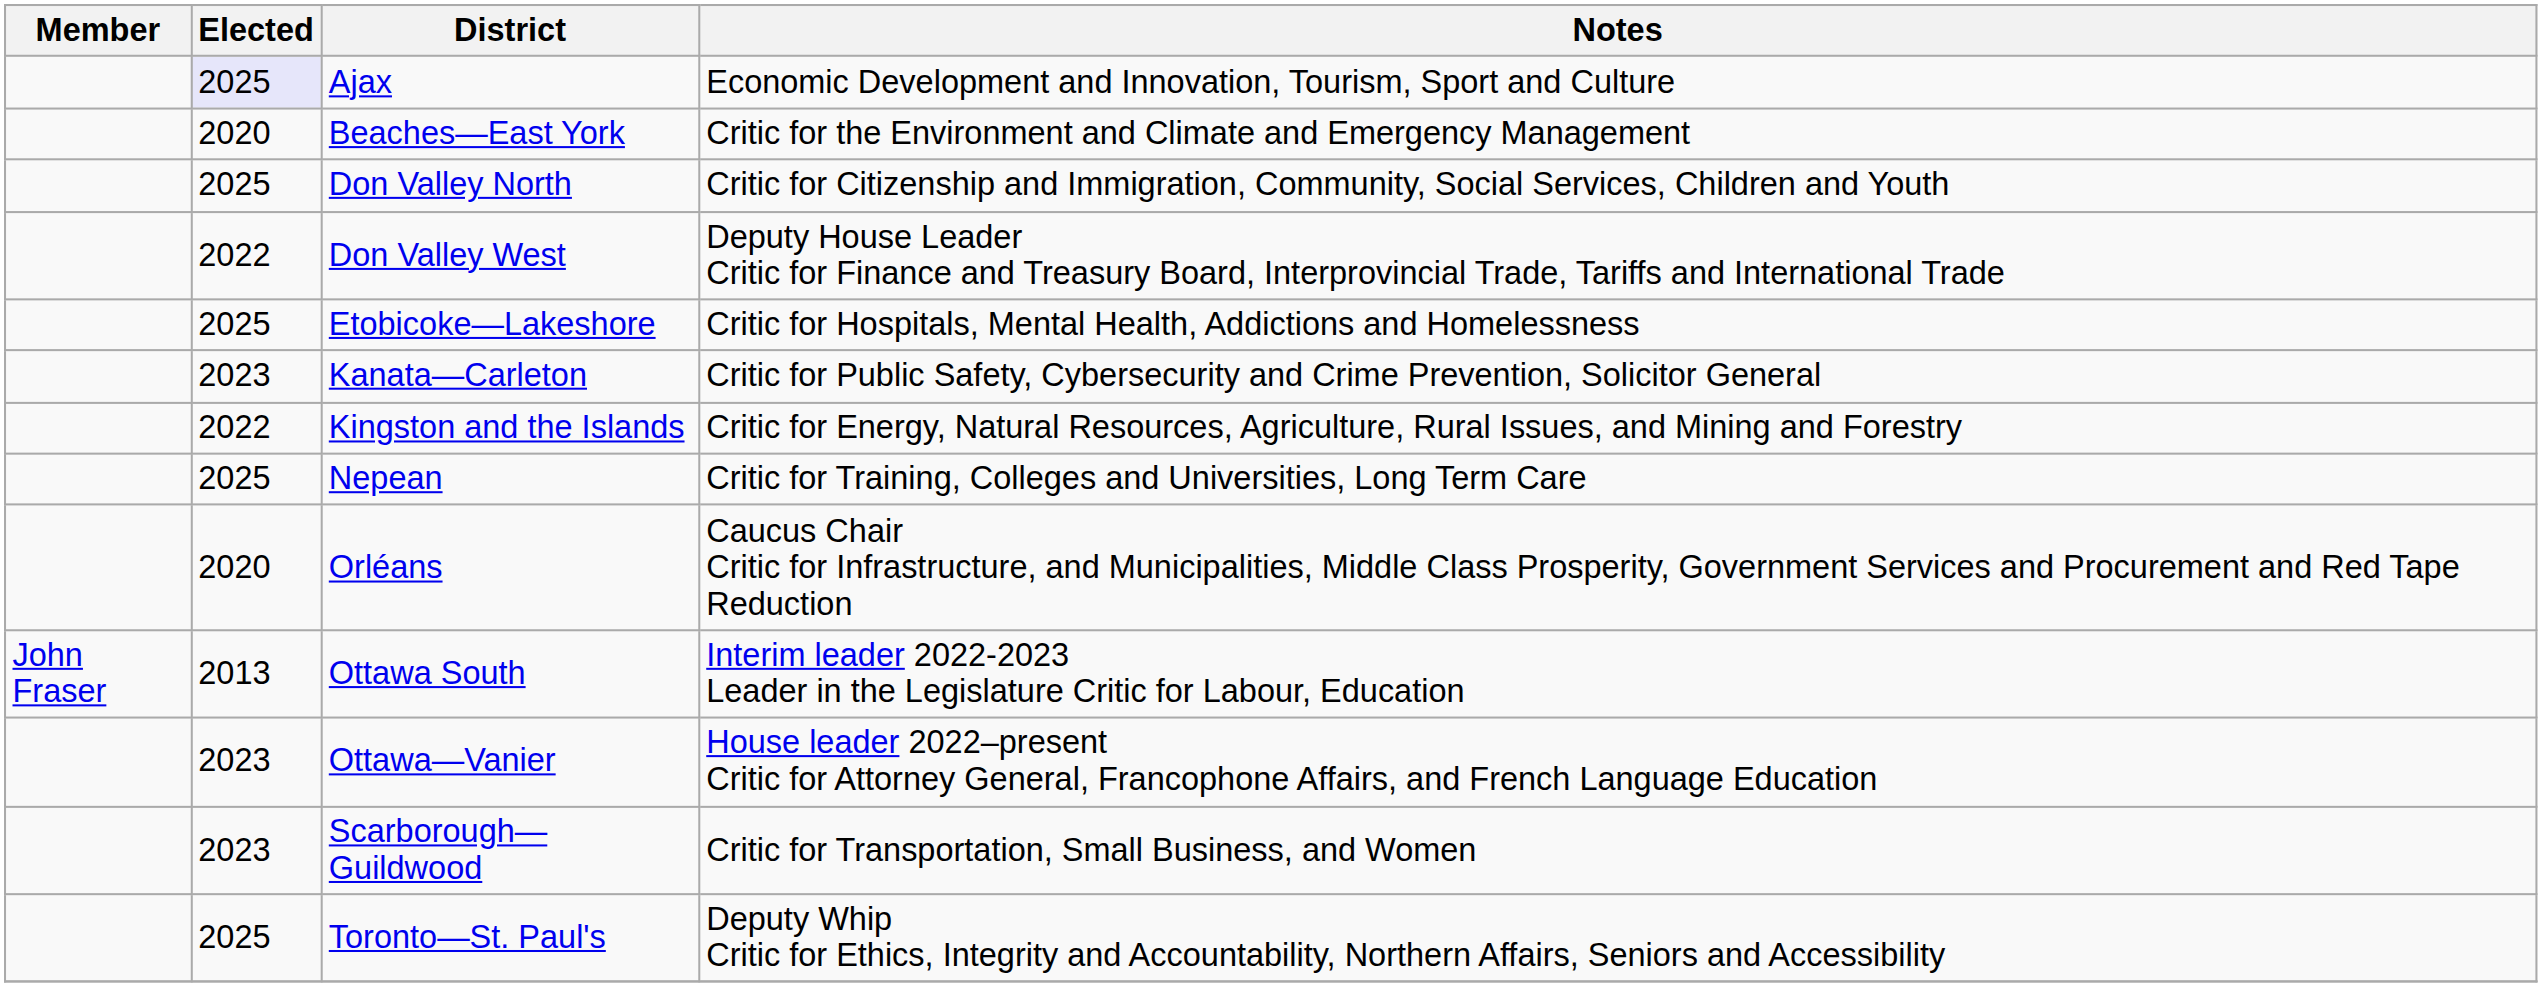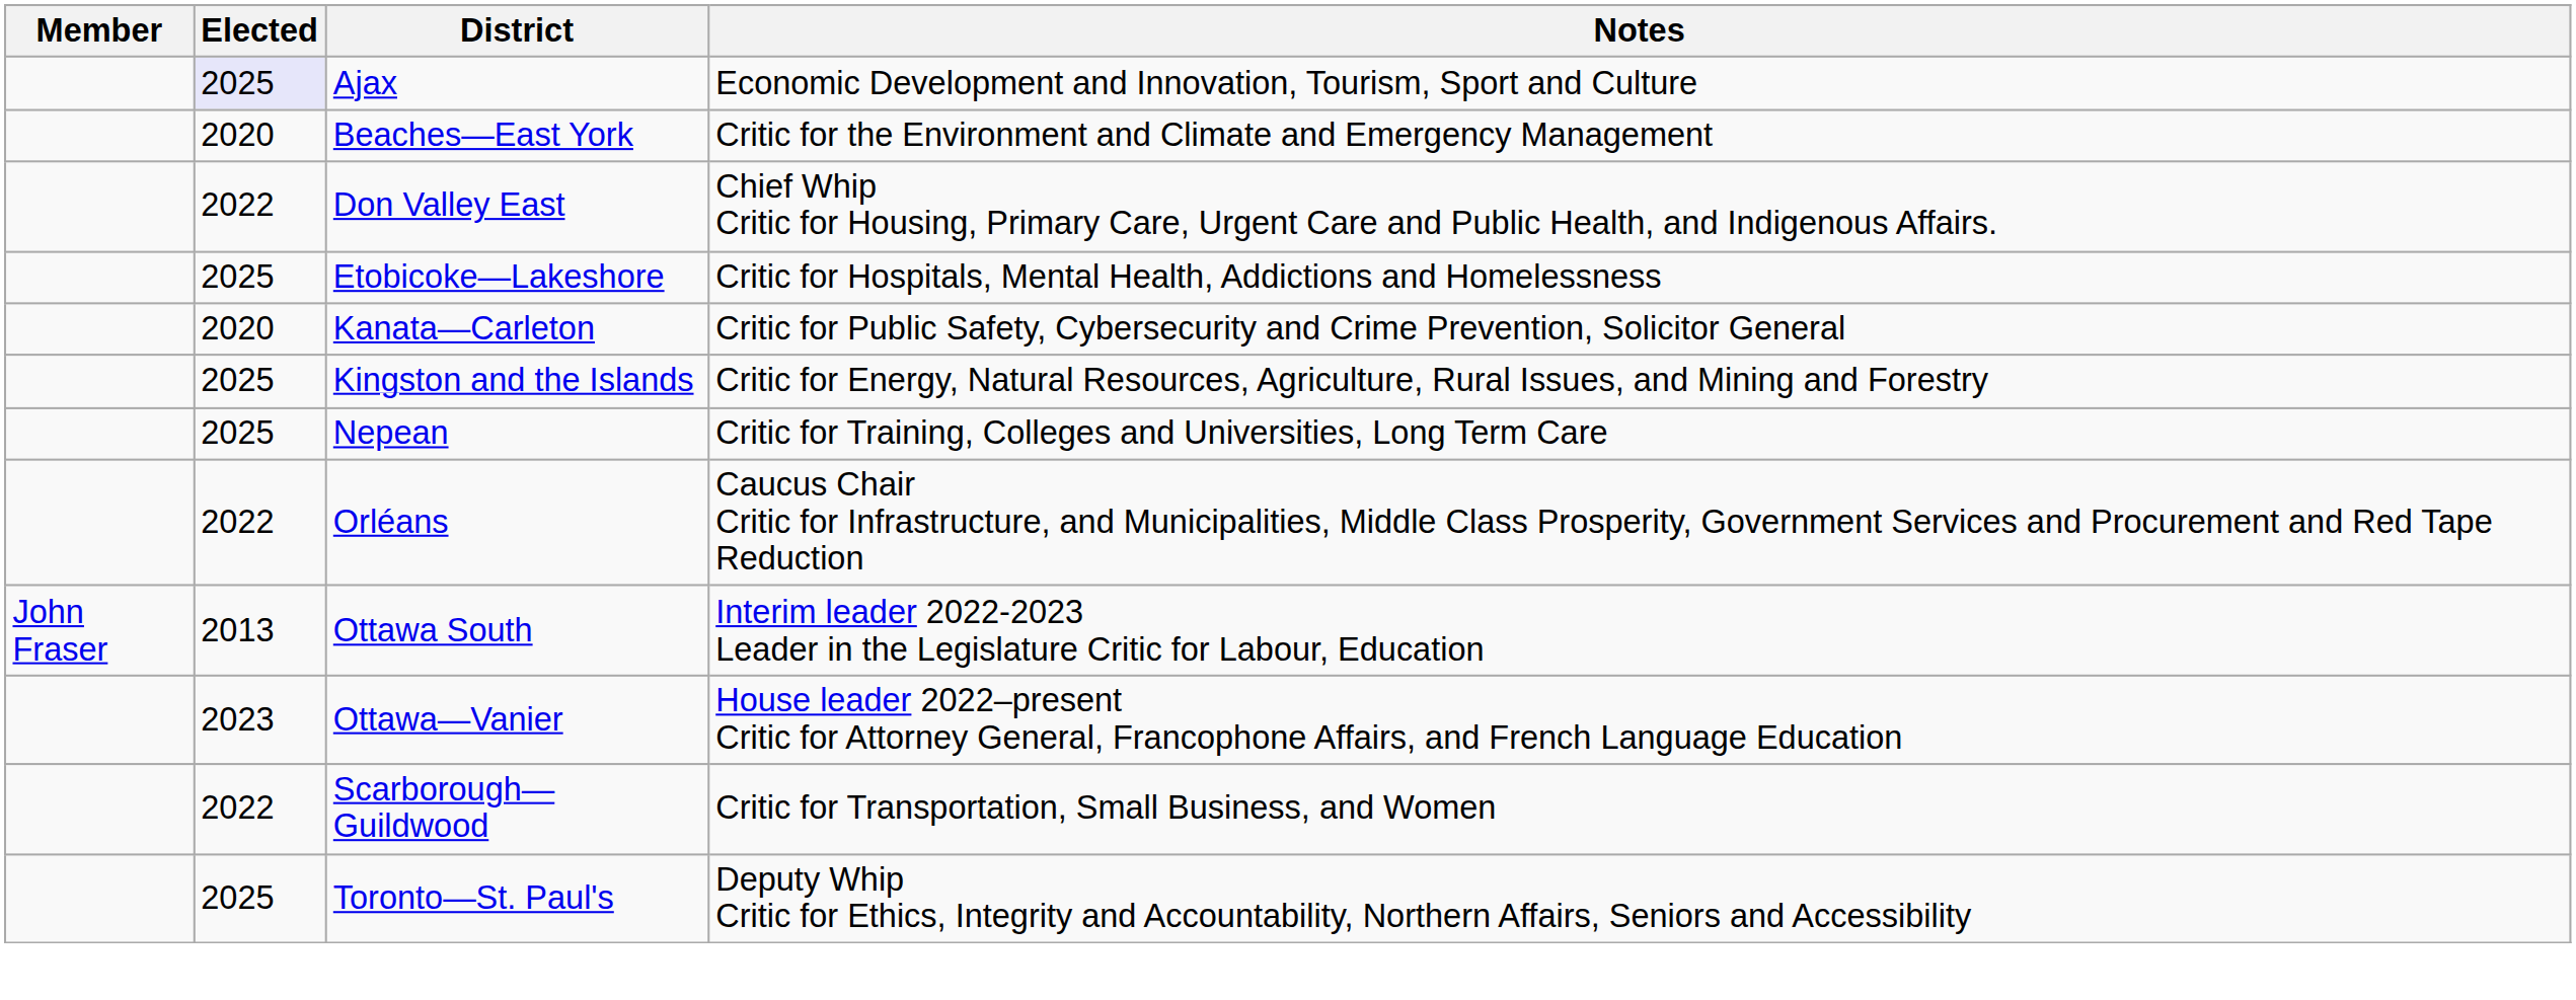 <table class="wikitable sortable">
 <tr>
 <th>Member</th>
 <th>Elected</th>
 <th>District</th>
 <th class=unsortable>Notes</th>
 </tr>
 <tr>
 <td></td>
 <td style="background: lavender;">2025</td>
 <td><a href='#'>Ajax</a></td>
 <td>Economic Development and Innovation, Tourism, Sport and Culture</td>
 </tr>
 <tr>
 <td></td>
 <td>2020</td>
 <td><a href='#'>Beaches—East York</a></td>
 <td>Critic for the Environment and Climate and Emergency Management</td>
 </tr>
 <tr>
 <td></td>
-<td>2025</td>
-<td><a href='#'>Don Valley North</a></td>
-<td>Critic for Citizenship and Immigration, Community, Social Services, Children and Youth</td>
-</tr>
-<tr>
-<td></td>
 <td>2022</td>
-<td><a href='#'>Don Valley West</a></td>
-<td>Deputy House Leader<br>Critic for Finance and Treasury Board, Interprovincial Trade, Tariffs and International Trade</td>
+<td><a href='#'>Don Valley East</a></td>
+<td>Chief Whip<br>Critic for Housing, Primary Care, Urgent Care and Public Health, and Indigenous Affairs.</td>
 </tr>
 <tr>
 <td></td>
 <td>2025</td>
 <td><a href='#'>Etobicoke—Lakeshore</a></td>
 <td>Critic for Hospitals, Mental Health, Addictions and Homelessness</td>
 </tr>
 <tr>
 <td></td>
-<td>2023</td>
+<td>2020</td>
 <td><a href='#'>Kanata—Carleton</a></td>
 <td>Critic for Public Safety, Cybersecurity and Crime Prevention, Solicitor General</td>
 </tr>
 <tr>
 <td></td>
-<td>2022</td>
+<td>2025</td>
 <td><a href='#'>Kingston and the Islands</a></td>
 <td>Critic for Energy, Natural Resources, Agriculture, Rural Issues, and Mining and Forestry</td>
 </tr>
 <tr>
 <td></td>
 <td>2025</td>
 <td><a href='#'>Nepean</a></td>
 <td>Critic for Training, Colleges and Universities, Long Term Care</td>
 </tr>
 <tr>
 <td></td>
-<td>2020</td>
+<td>2022</td>
 <td><a href='#'>Orléans</a></td>
 <td>Caucus Chair<br>Critic for Infrastructure, and Municipalities, Middle Class Prosperity, Government Services and Procurement and Red Tape Reduction</td>
 </tr>
 <tr>
 <td><a href='#'>John Fraser</a></td>
 <td>2013</td>
 <td><a href='#'>Ottawa South</a></td>
 <td><a href='#'>Interim leader</a> 2022-2023<br>Leader in the Legislature Critic for Labour, Education</td>
 </tr>
 <tr>
 <td></td>
 <td>2023</td>
 <td><a href='#'>Ottawa—Vanier</a></td>
 <td><a href='#'>House leader</a> 2022–present<br>Critic for Attorney General, Francophone Affairs, and French Language Education</td>
 </tr>
 <tr>
 <td></td>
-<td>2023</td>
+<td>2022</td>
 <td><a href='#'>Scarborough—Guildwood</a></td>
 <td>Critic for Transportation, Small Business, and Women</td>
 </tr>
 <tr>
 <td></td>
 <td>2025</td>
 <td><a href='#'>Toronto—St. Paul's</a></td>
 <td>Deputy Whip<br>Critic for Ethics, Integrity and Accountability, Northern Affairs, Seniors and Accessibility</td>
 </tr>
 <tr>
 </tr>
 </table>
